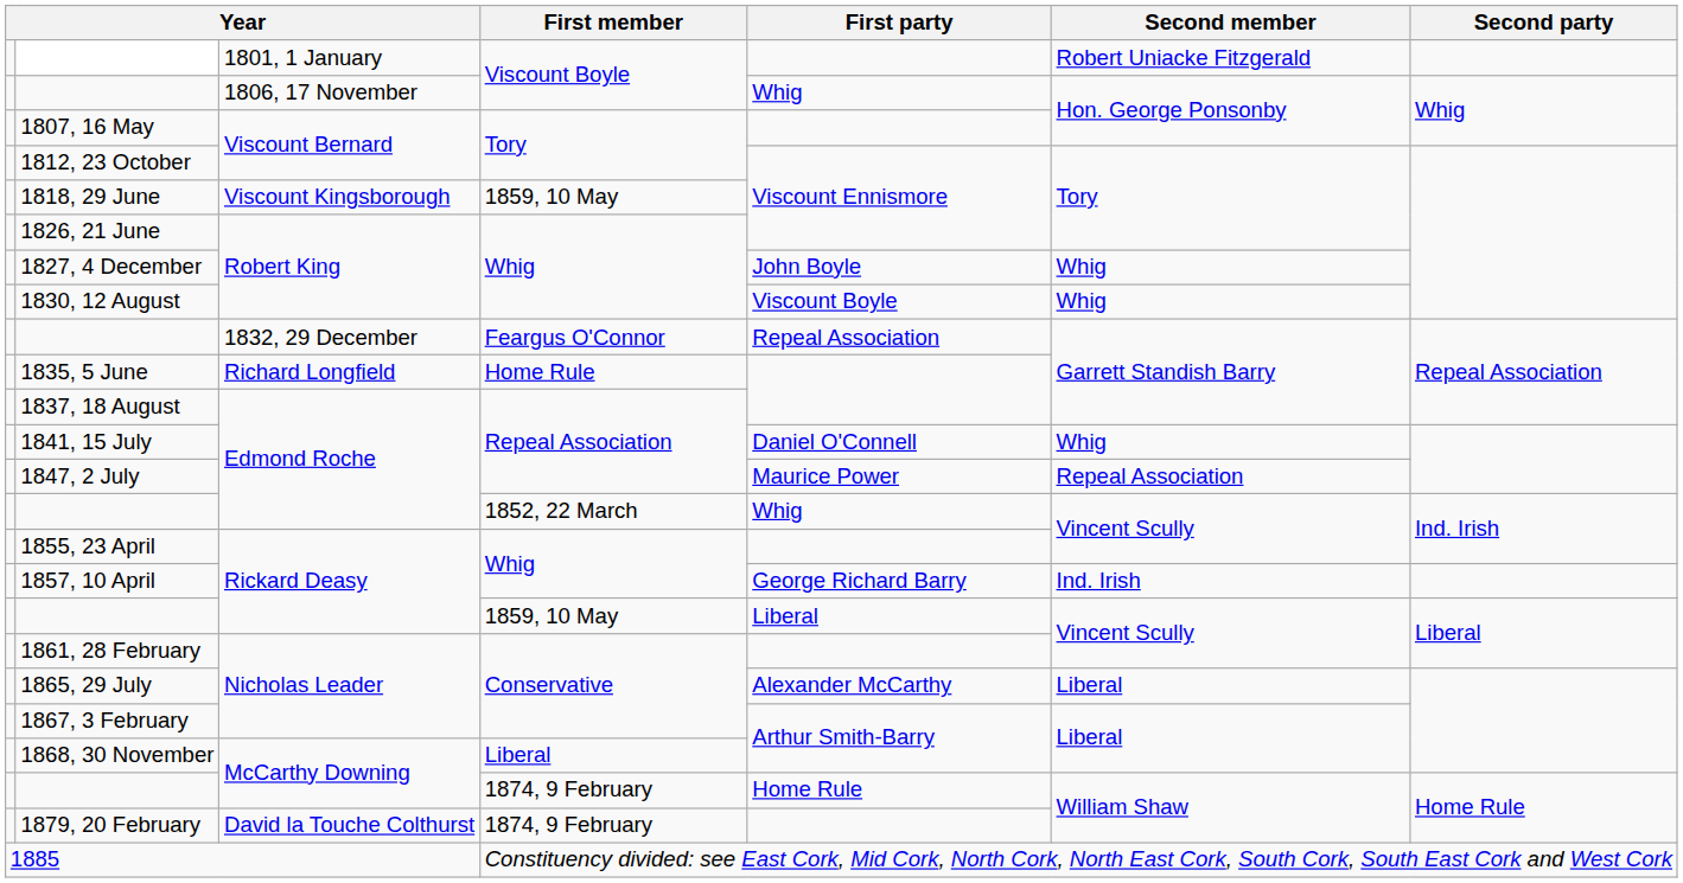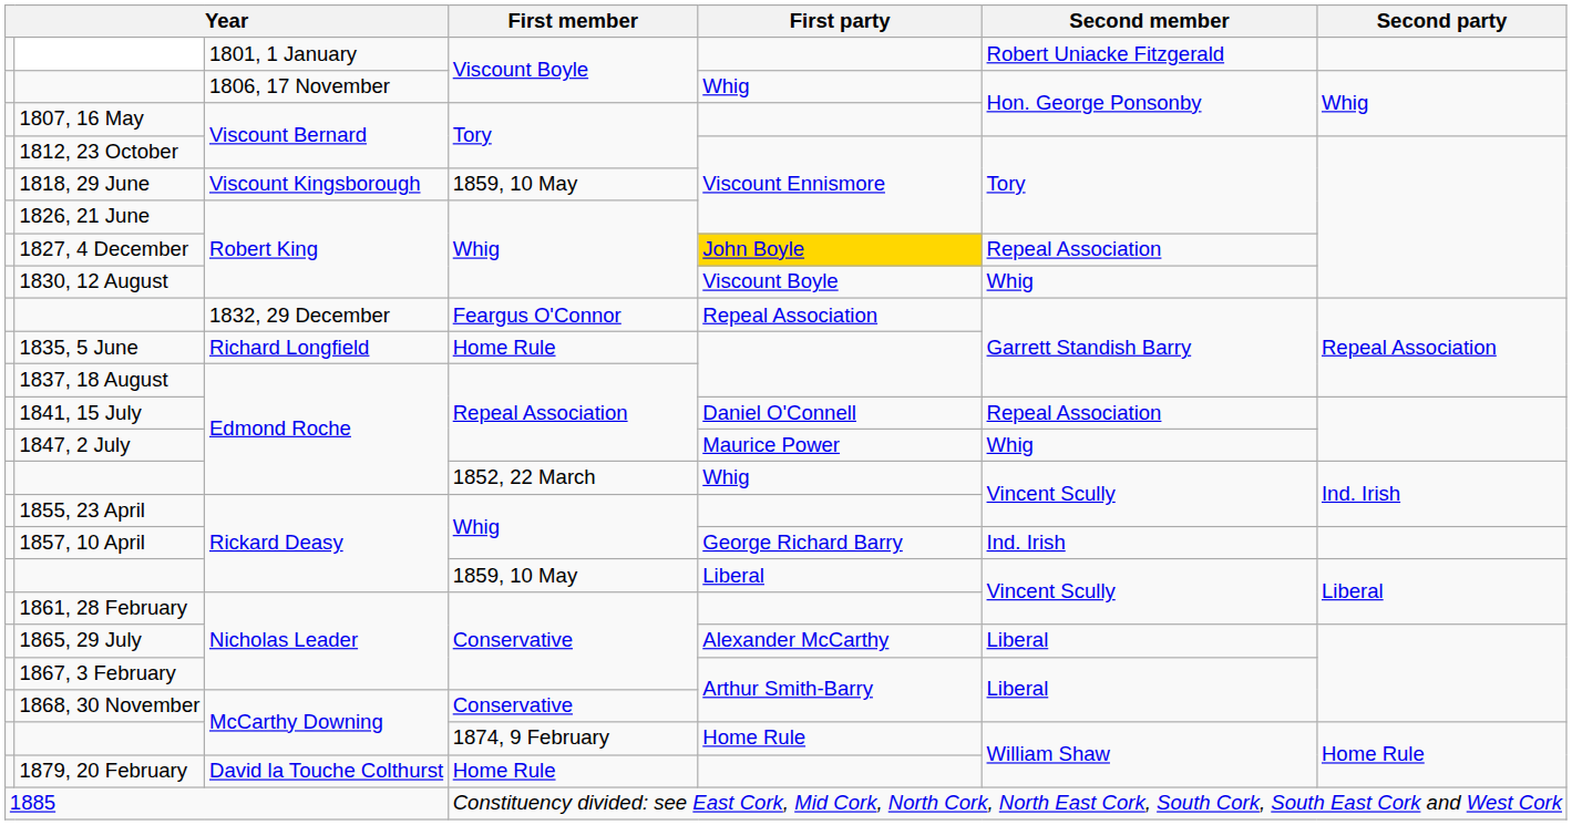 <table class="wikitable">
 <tr>
 <th colspan="3">Year</th>
 <th>First member</th>
 <th>First party</th>
 <th>Second member</th>
 <th>Second party</th>
 </tr>
 <tr>
 <td style="color:inherit;background-color: "></td>
 <td style="color:inherit;background-color: white"></td>
 <td>1801, 1 January</td>
 <td rowspan="2"><a href='#'>Viscount Boyle</a>       </td>
 <td></td>
 <td><a href='#'>Robert Uniacke Fitzgerald</a>   </td>
 <td></td>
 </tr>
 <tr>
 <td style="color:inherit;background-color: "></td>
 <td style="color:inherit;background-color: "></td>
 <td>1806, 17 November</td>
 <td><a href='#'>Whig</a></td>
 <td rowspan="2"><a href='#'>Hon. George Ponsonby</a>        </td>
 <td rowspan="2"><a href='#'>Whig</a></td>
 </tr>
 <tr>
 <td style="color:inherit;background-color: "></td>
 <td>1807, 16 May</td>
 <td rowspan="2"><a href='#'>Viscount Bernard</a>        </td>
 <td rowspan="2"><a href='#'>Tory</a></td>
 </tr>
 <tr>
 <td style="color:inherit;background-color: "></td>
 <td>1812, 23 October</td>
 <td rowspan="3"><a href='#'>Viscount Ennismore</a>       </td>
 <td rowspan="3"><a href='#'>Tory</a></td>
 </tr>
 <tr>
 <td style="color:inherit;background-color: "></td>
 <td>1818, 29 June</td>
 <td><a href='#'>Viscount Kingsborough</a>   </td>
 <td>1859, 10 May</td>
 </tr>
 <tr>
 <td style="color:inherit;background-color: "></td>
 <td>1826, 21 June</td>
 <td rowspan="3"><a href='#'>Robert King</a>        </td>
 <td rowspan="3"><a href='#'>Whig</a></td>
 </tr>
 <tr>
 <td style="color:inherit;background-color: "></td>
 <td>1827, 4 December</td>
-<td><a href='#'>John Boyle</a>   </td>
-<td><a href='#'>Whig</a></td>
+<td style="background: gold;"><a href='#'>John Boyle</a>   </td>
+<td><a href='#'>Repeal Association</a></td>
 </tr>
 <tr>
 <td style="color:inherit;background-color: "></td>
 <td>1830, 12 August</td>
 <td><a href='#'>Viscount Boyle</a>   </td>
 <td><a href='#'>Whig</a></td>
 </tr>
 <tr>
 <td style="color:inherit;background-color: "></td>
 <td style="color:inherit;background-color: "></td>
 <td>1832, 29 December</td>
 <td><a href='#'>Feargus O'Connor</a>   </td>
 <td><a href='#'>Repeal Association</a></td>
 <td rowspan="3"><a href='#'>Garrett Standish Barry</a>        </td>
 <td rowspan="3"><a href='#'>Repeal Association</a></td>
 </tr>
 <tr>
 <td style="color:inherit;background-color: "></td>
 <td>1835, 5 June</td>
 <td><a href='#'>Richard Longfield</a>   </td>
 <td><a href='#'>Home Rule</a></td>
 </tr>
 <tr>
 <td style="color:inherit;background-color: "></td>
 <td>1837, 18 August</td>
 <td rowspan="4"><a href='#'>Edmond Roche</a>      </td>
 <td rowspan="3"><a href='#'>Repeal Association</a></td>
 </tr>
 <tr>
 <td style="color:inherit;background-color: "></td>
 <td>1841, 15 July</td>
 <td><a href='#'>Daniel O'Connell</a>   </td>
-<td><a href='#'>Whig</a></td>
+<td><a href='#'>Repeal Association</a></td>
 </tr>
 <tr>
 <td style="color:inherit;background-color: "></td>
 <td>1847, 2 July</td>
 <td><a href='#'>Maurice Power</a>   </td>
-<td><a href='#'>Repeal Association</a></td>
+<td><a href='#'>Whig</a></td>
 </tr>
 <tr>
 <td style="color:inherit;background-color: "></td>
 <td style="color:inherit;background-color: "></td>
 <td>1852, 22 March</td>
 <td><a href='#'>Whig</a></td>
 <td rowspan="2"><a href='#'>Vincent Scully</a>        </td>
 <td rowspan="2"><a href='#'>Ind. Irish</a></td>
 </tr>
 <tr>
 <td style="color:inherit;background-color: "></td>
 <td>1855, 23 April</td>
 <td rowspan="3"><a href='#'>Rickard Deasy</a>        </td>
 <td rowspan="2"><a href='#'>Whig</a></td>
 </tr>
 <tr>
 <td style="color:inherit;background-color: "></td>
 <td>1857, 10 April</td>
 <td><a href='#'>George Richard Barry</a>   </td>
 <td><a href='#'>Ind. Irish</a></td>
 </tr>
 <tr>
 <td style="color:inherit;background-color: "></td>
 <td style="color:inherit;background-color: "></td>
 <td>1859, 10 May</td>
 <td><a href='#'>Liberal</a></td>
 <td rowspan="2"><a href='#'>Vincent Scully</a>        </td>
 <td rowspan="2"><a href='#'>Liberal</a></td>
 </tr>
 <tr>
 <td style="color:inherit;background-color: "></td>
 <td>1861, 28 February</td>
 <td rowspan="3"><a href='#'>Nicholas Leader</a>        </td>
 <td rowspan="3"><a href='#'>Conservative</a></td>
 </tr>
 <tr>
 <td style="color:inherit;background-color: "></td>
 <td>1865, 29 July</td>
 <td><a href='#'>Alexander McCarthy</a></td>
 <td><a href='#'>Liberal</a></td>
 </tr>
 <tr>
 <td style="color:inherit;background-color: "></td>
 <td>1867, 3 February</td>
 <td rowspan="2"><a href='#'>Arthur Smith-Barry</a>        </td>
 <td rowspan="2"><a href='#'>Liberal</a></td>
 </tr>
 <tr>
 <td style="color:inherit;background-color: "></td>
 <td>1868, 30 November</td>
 <td rowspan="2"><a href='#'>McCarthy Downing</a>        </td>
-<td><a href='#'>Liberal</a></td>
+<td><a href='#'>Conservative</a></td>
 </tr>
 <tr>
 <td style="color:inherit;background-color: "></td>
 <td style="color:inherit;background-color: "></td>
 <td>1874, 9 February</td>
 <td><a href='#'>Home Rule</a></td>
 <td rowspan="2"><a href='#'>William Shaw</a>        </td>
 <td rowspan="2"><a href='#'>Home Rule</a></td>
 </tr>
 <tr>
 <td style="color:inherit;background-color: "></td>
 <td>1879, 20 February</td>
 <td><a href='#'>David la Touche Colthurst</a>   </td>
-<td>1874, 9 February</td>
+<td><a href='#'>Home Rule</a></td>
 </tr>
 <tr>
 <td colspan="3"><a href='#'>1885</a></td>
 <td colspan="6"><em>Constituency divided: see <a href='#'>East Cork</a>, <a href='#'>Mid Cork</a>, <a href='#'>North Cork</a>, <a href='#'>North East Cork</a>, <a href='#'>South Cork</a>, <a href='#'>South East Cork</a> and <a href='#'>West Cork</a></em></td>
 </tr>
 </table>
